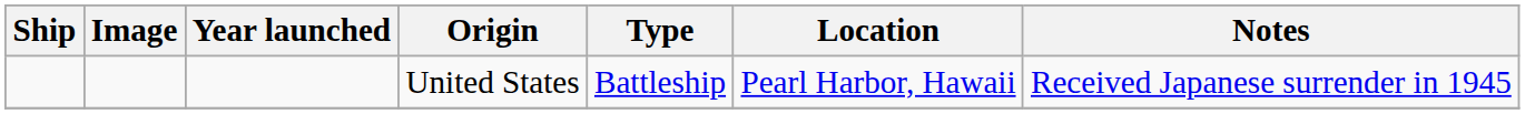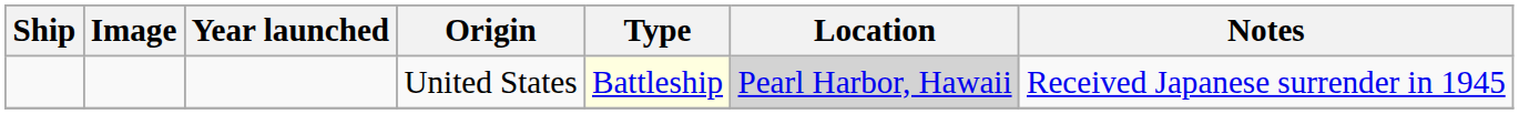 <table class="wikitable sortable">
 <tr>
 <th>Ship</th>
 <th>Image</th>
 <th>Year launched</th>
 <th>Origin</th>
 <th>Type</th>
 <th>Location</th>
 <th>Notes</th>
 </tr>
 <tr>
 <td data-sort-value=Missouri></td>
 <td></td>
 <td></td>
 <td> United States</td>
-<td><a href='#'>Battleship</a></td>
-<td><a href='#'>Pearl Harbor, Hawaii</a><br></td>
+<td style="background: lightyellow;"><a href='#'>Battleship</a></td>
+<td style="background: lightgrey;"><a href='#'>Pearl Harbor, Hawaii</a><br></td>
 <td><a href='#'>Received Japanese surrender in 1945</a></td>
 </tr>
 <tr>
 </tr>
 </table>
